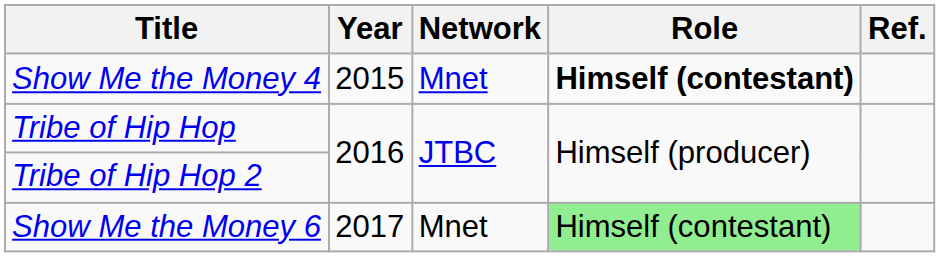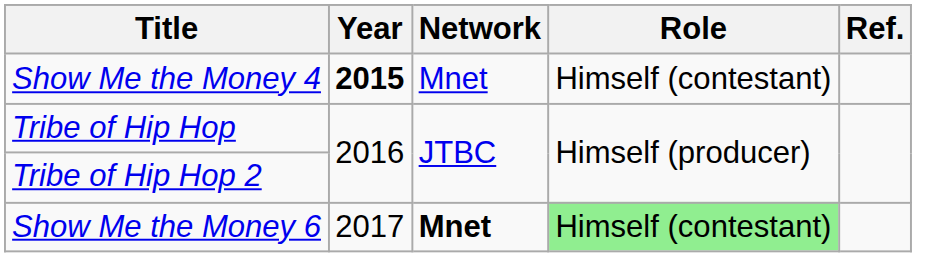 <table class="wikitable">
 <tr>
 <th>Title</th>
 <th>Year</th>
 <th>Network</th>
 <th>Role</th>
 <th>Ref.</th>
 </tr>
 <tr>
 <td><em><a href='#'>Show Me the Money 4</a></em></td>
-<td>2015</td>
+<td><strong>2015</strong></td>
 <td><a href='#'>Mnet</a></td>
-<td><strong>Himself (contestant)</strong></td>
+<td>Himself (contestant)</td>
 <td></td>
 </tr>
 <tr>
 <td><em><a href='#'>Tribe of Hip Hop</a></em></td>
 <td rowspan="2">2016</td>
 <td rowspan="2"><a href='#'>JTBC</a></td>
 <td rowspan="2">Himself (producer)</td>
 <td rowspan="2"></td>
 </tr>
 <tr>
 <td><em><a href='#'>Tribe of Hip Hop 2</a></em></td>
 </tr>
 <tr>
 <td><em><a href='#'>Show Me the Money 6</a></em></td>
 <td>2017</td>
-<td>Mnet</td>
+<td><strong>Mnet</strong></td>
 <td style="background: lightgreen;">Himself (contestant)</td>
 <td></td>
 </tr>
 </table>
